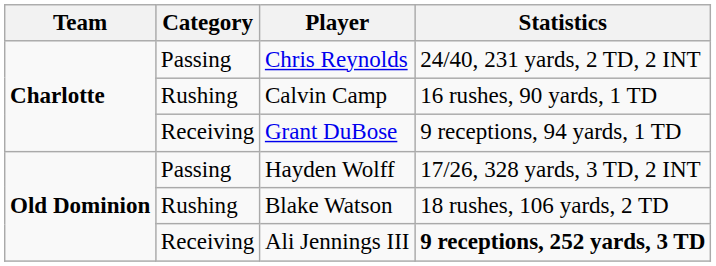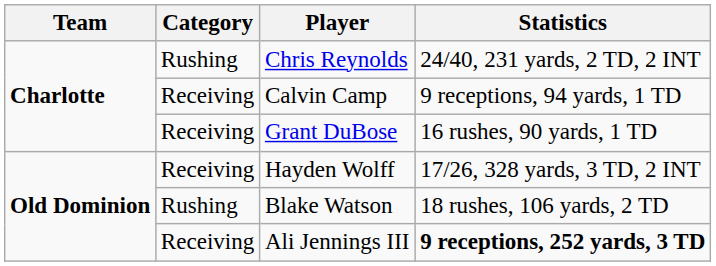 <table class="wikitable" style="float: left;">
 <tr>
 <th>Team</th>
 <th>Category</th>
 <th>Player</th>
 <th>Statistics</th>
 </tr>
 <tr>
 <td rowspan=3><strong>Charlotte</strong></td>
-<td>Passing</td>
+<td>Rushing</td>
 <td><a href='#'>Chris Reynolds</a></td>
 <td>24/40, 231 yards, 2 TD, 2 INT</td>
 </tr>
 <tr>
-<td>Rushing</td>
+<td>Receiving</td>
 <td>Calvin Camp</td>
-<td>16 rushes, 90 yards, 1 TD</td>
+<td>9 receptions, 94 yards, 1 TD</td>
 </tr>
 <tr>
 <td>Receiving</td>
 <td><a href='#'>Grant DuBose</a></td>
-<td>9 receptions, 94 yards, 1 TD</td>
+<td>16 rushes, 90 yards, 1 TD</td>
 </tr>
 <tr>
 <td rowspan=3><strong>Old Dominion</strong></td>
-<td>Passing</td>
+<td>Receiving</td>
 <td>Hayden Wolff</td>
 <td>17/26, 328 yards, 3 TD, 2 INT</td>
 </tr>
 <tr>
 <td>Rushing</td>
 <td>Blake Watson</td>
 <td>18 rushes, 106 yards, 2 TD</td>
 </tr>
 <tr>
 <td>Receiving</td>
 <td>Ali Jennings III</td>
 <td><strong>9 receptions, 252 yards, 3 TD</strong></td>
 </tr>
 </table>
